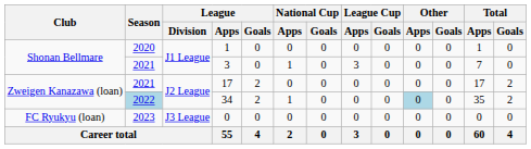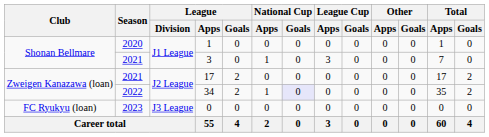 <table class="wikitable" style="text-align: center">
 <tr>
 <th rowspan="2">Club</th>
 <th rowspan="2">Season</th>
 <th colspan="3">League</th>
 <th colspan="2">National Cup</th>
 <th colspan="2">League Cup</th>
 <th colspan="2">Other</th>
 <th colspan="2">Total</th>
 </tr>
 <tr>
 <th>Division</th>
 <th>Apps</th>
 <th>Goals</th>
 <th>Apps</th>
 <th>Goals</th>
 <th>Apps</th>
 <th>Goals</th>
 <th>Apps</th>
 <th>Goals</th>
 <th>Apps</th>
 <th>Goals</th>
 </tr>
 <tr>
 <td rowspan="2"><a href='#'>Shonan Bellmare</a></td>
 <td><a href='#'>2020</a></td>
 <td rowspan="2"><a href='#'>J1 League</a></td>
 <td>1</td>
 <td>0</td>
 <td>0</td>
 <td>0</td>
 <td>0</td>
 <td>0</td>
 <td>0</td>
 <td>0</td>
 <td>1</td>
 <td>0</td>
 </tr>
 <tr>
 <td><a href='#'>2021</a></td>
 <td>3</td>
 <td>0</td>
 <td>1</td>
 <td>0</td>
 <td>3</td>
 <td>0</td>
 <td>0</td>
 <td>0</td>
 <td>7</td>
 <td>0</td>
 </tr>
 <tr>
 <td rowspan="2"><a href='#'>Zweigen Kanazawa</a> (loan)</td>
 <td><a href='#'>2021</a></td>
 <td rowspan="2"><a href='#'>J2 League</a></td>
 <td>17</td>
 <td>2</td>
 <td>0</td>
 <td>0</td>
 <td>0</td>
 <td>0</td>
 <td>0</td>
 <td>0</td>
 <td>17</td>
 <td>2</td>
 </tr>
 <tr>
-<td style="background: lightblue;"><a href='#'>2022</a></td>
+<td><a href='#'>2022</a></td>
 <td>34</td>
 <td>2</td>
 <td>1</td>
+<td style="background: lavender;">0</td>
 <td>0</td>
 <td>0</td>
 <td>0</td>
-<td style="background: lightblue;">0</td>
 <td>0</td>
 <td>35</td>
 <td>2</td>
 </tr>
 <tr>
 <td><a href='#'>FC Ryukyu</a> (loan)</td>
 <td><a href='#'>2023</a></td>
 <td><a href='#'>J3 League</a></td>
 <td>0</td>
 <td>0</td>
 <td>0</td>
 <td>0</td>
 <td>0</td>
 <td>0</td>
 <td>0</td>
 <td>0</td>
 <td>0</td>
 <td>0</td>
 </tr>
 <tr>
 <th colspan=3>Career total</th>
 <th>55</th>
 <th>4</th>
 <th>2</th>
 <th>0</th>
 <th>3</th>
 <th>0</th>
 <th>0</th>
 <th>0</th>
 <th>60</th>
 <th>4</th>
 </tr>
 </table>
